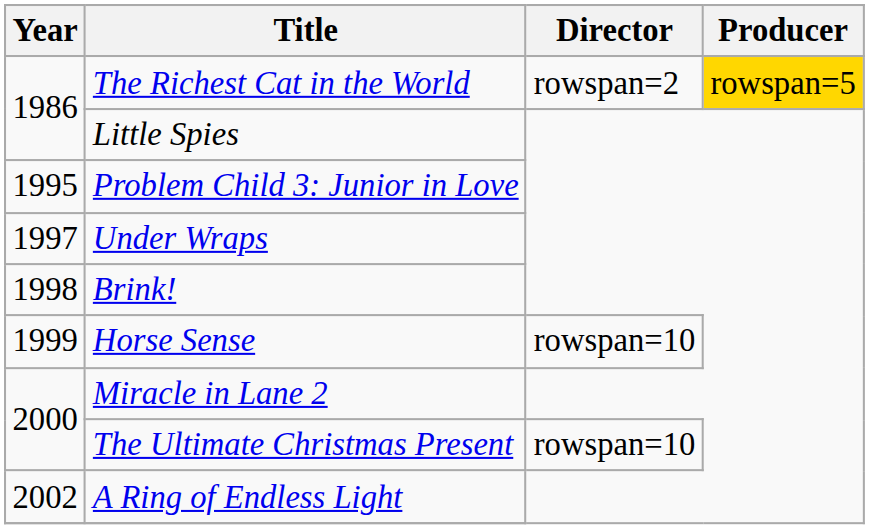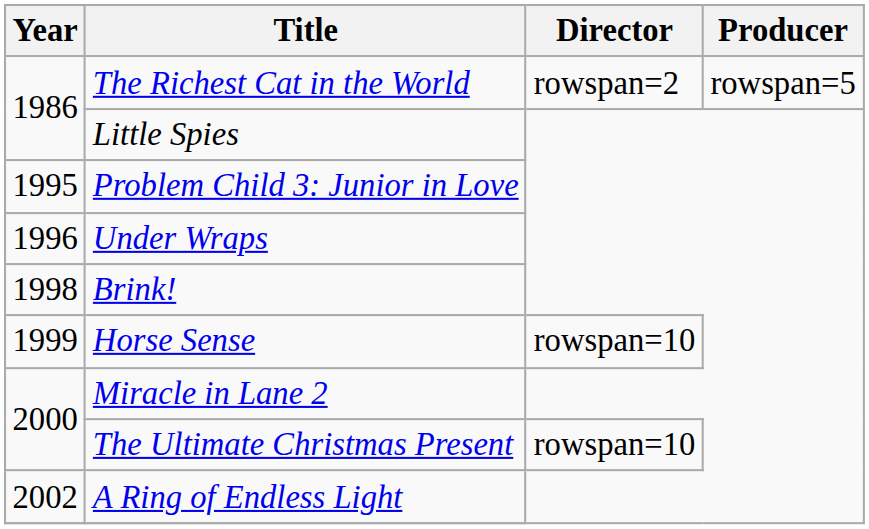 <table class="wikitable">
 <tr>
 <th>Year</th>
 <th>Title</th>
 <th>Director</th>
 <th>Producer</th>
 </tr>
 <tr>
 <td rowspan=2>1986</td>
 <td><em><a href='#'>The Richest Cat in the World</a></em></td>
 <td>rowspan=2 </td>
-<td style="background: gold;">rowspan=5 </td>
+<td>rowspan=5 </td>
 </tr>
 <tr>
 <td><em>Little Spies</em></td>
 </tr>
 <tr>
 <td>1995</td>
 <td><em><a href='#'>Problem Child 3: Junior in Love</a></em></td>
 </tr>
 <tr>
-<td>1997</td>
+<td>1996</td>
 <td><em><a href='#'>Under Wraps</a></em></td>
 </tr>
 <tr>
 <td>1998</td>
 <td><em><a href='#'>Brink!</a></em></td>
 </tr>
 <tr>
 <td>1999</td>
 <td><em><a href='#'>Horse Sense</a></em></td>
 <td>rowspan=10 </td>
 </tr>
 <tr>
 <td rowspan=2>2000</td>
 <td><em><a href='#'>Miracle in Lane 2</a></em></td>
 </tr>
 <tr>
 <td><em><a href='#'>The Ultimate Christmas Present</a></em></td>
 <td>rowspan=10 </td>
 </tr>
 <tr>
 <td>2002</td>
 <td><em><a href='#'>A Ring of Endless Light</a></em></td>
 </tr>
 <tr>
 </tr>
 </table>
